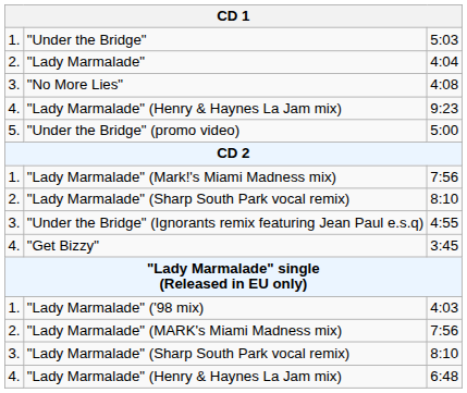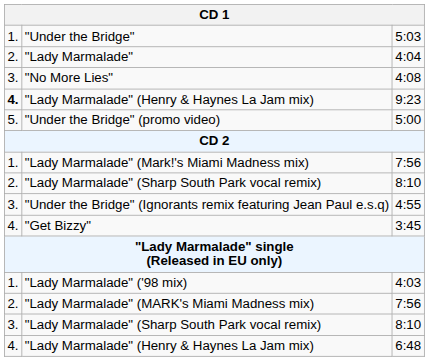 <table class="wikitable">
 <tr>
 <th colspan=3>CD 1</th>
 </tr>
 <tr>
 <td>1.</td>
 <td>"Under the Bridge"</td>
 <td>5:03</td>
 </tr>
 <tr>
 <td>2.</td>
 <td>"Lady Marmalade"</td>
 <td>4:04</td>
 </tr>
 <tr>
 <td>3.</td>
 <td>"No More Lies"</td>
 <td>4:08</td>
 </tr>
 <tr>
-<td>4.</td>
+<td><strong>4.</strong></td>
 <td>"Lady Marmalade" (Henry & Haynes La Jam mix)</td>
 <td>9:23</td>
 </tr>
 <tr>
 <td>5.</td>
 <td>"Under the Bridge" (promo video)</td>
 <td>5:00</td>
 </tr>
 <tr>
 <th style="background:#ebf5ff; text-align:center;" colspan="3">CD 2</th>
 </tr>
 <tr>
 <td>1.</td>
 <td>"Lady Marmalade" (Mark!'s Miami Madness mix)</td>
 <td>7:56</td>
 </tr>
 <tr>
 <td>2.</td>
 <td>"Lady Marmalade" (Sharp South Park vocal remix)</td>
 <td>8:10</td>
 </tr>
 <tr>
 <td>3.</td>
 <td>"Under the Bridge" (Ignorants remix featuring Jean Paul e.s.q)</td>
 <td>4:55</td>
 </tr>
 <tr>
 <td>4.</td>
 <td>"Get Bizzy"</td>
 <td>3:45</td>
 </tr>
 <tr>
 <th style="background:#ebf5ff; text-align:center;" colspan="3">"Lady Marmalade" single<br><span>(Released in EU only)</span></th>
 </tr>
 <tr>
 <td>1.</td>
 <td>"Lady Marmalade" ('98 mix)</td>
 <td>4:03</td>
 </tr>
 <tr>
 <td>2.</td>
 <td>"Lady Marmalade" (MARK's Miami Madness mix)</td>
 <td>7:56</td>
 </tr>
 <tr>
 <td>3.</td>
 <td>"Lady Marmalade" (Sharp South Park vocal remix)</td>
 <td>8:10</td>
 </tr>
 <tr>
 <td>4.</td>
 <td>"Lady Marmalade" (Henry & Haynes La Jam mix)</td>
 <td>6:48</td>
 </tr>
 </table>
